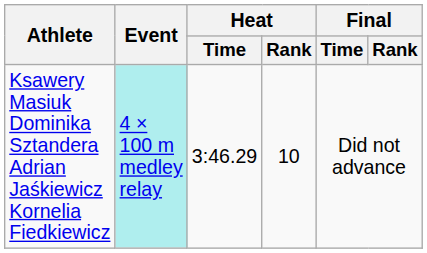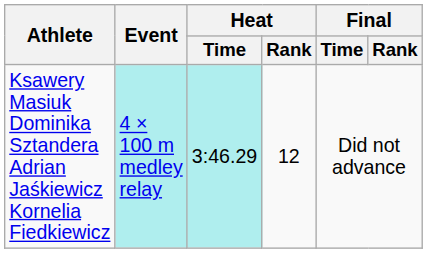 <table class="wikitable" style="text-align:center; font-size:90%; width:30%;">
 <tr>
 <th rowspan="2">Athlete</th>
 <th rowspan="2">Event</th>
 <th colspan="2">Heat</th>
 <th colspan="2">Final</th>
 </tr>
 <tr style="font-size:95%">
 <th>Time</th>
 <th>Rank</th>
 <th>Time</th>
 <th>Rank</th>
 </tr>
 <tr>
 <td align=left><a href='#'>Ksawery Masiuk</a><br><a href='#'>Dominika Sztandera</a><br><a href='#'>Adrian Jaśkiewicz</a><br><a href='#'>Kornelia Fiedkiewicz</a></td>
 <td align=left style="background: paleturquoise;"><a href='#'>4 × 100 m medley relay</a></td>
-<td>3:46.29</td>
-<td>10</td>
+<td style="background: paleturquoise;">3:46.29</td>
+<td>12</td>
 <td colspan="2">Did not advance</td>
 </tr>
 </table>
